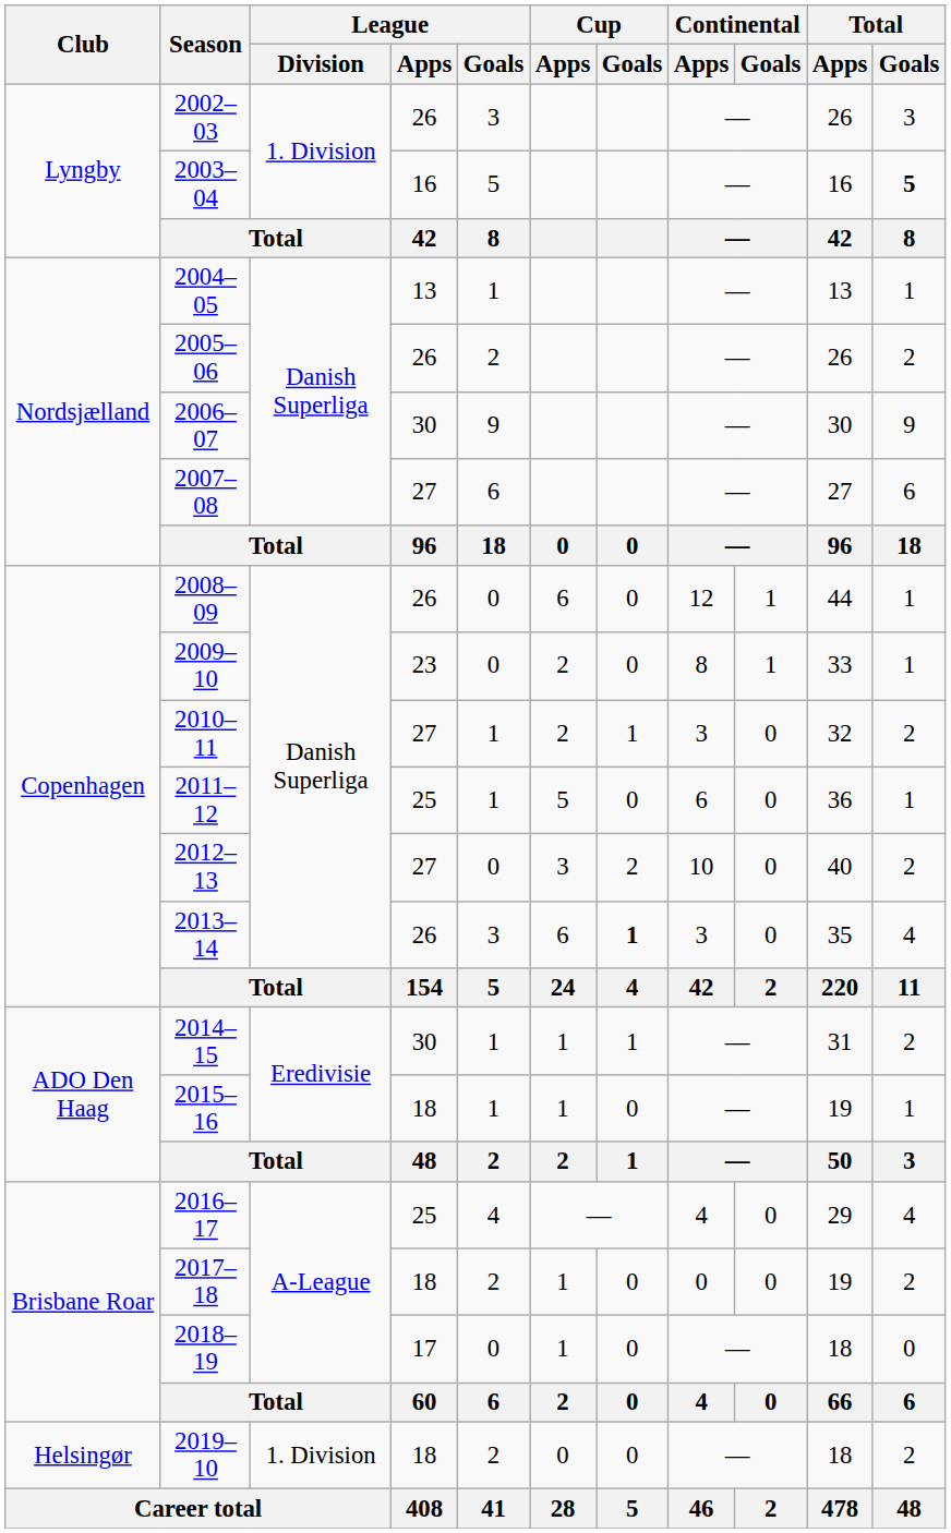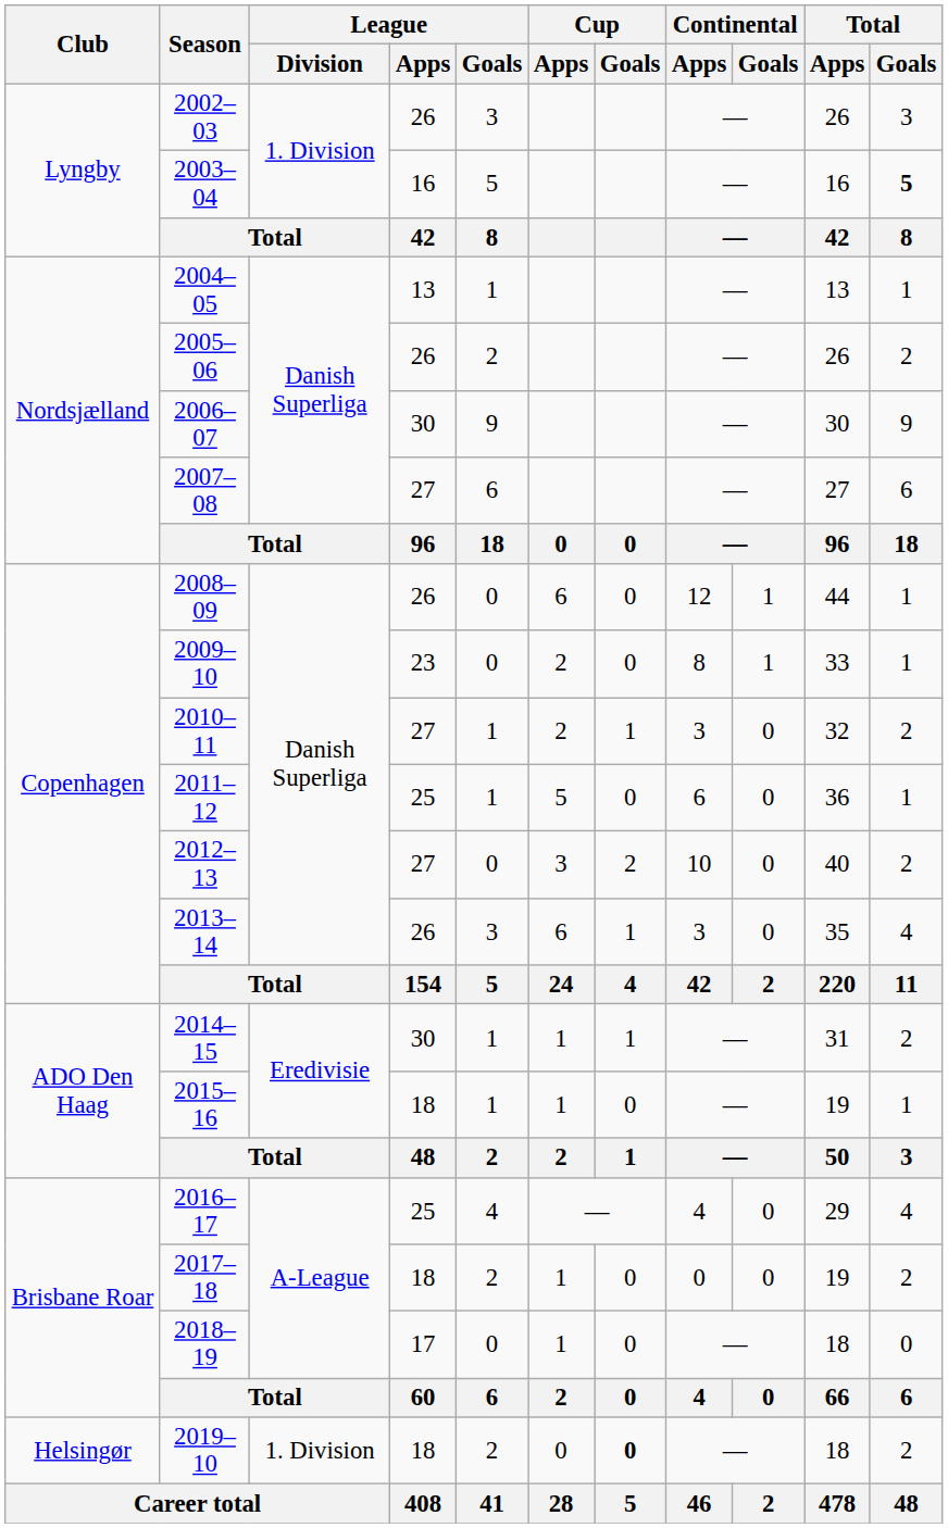 <table class="wikitable" style="text-align: center;">
 <tr>
 <th rowspan="2">Club</th>
 <th rowspan="2">Season</th>
 <th colspan="3">League</th>
 <th colspan="2">Cup</th>
 <th colspan="2">Continental</th>
 <th colspan="2">Total</th>
 </tr>
 <tr>
 <th>Division</th>
 <th>Apps</th>
 <th>Goals</th>
 <th>Apps</th>
 <th>Goals</th>
 <th>Apps</th>
 <th>Goals</th>
 <th>Apps</th>
 <th>Goals</th>
 </tr>
 <tr>
 <td rowspan="3"><a href='#'>Lyngby</a></td>
 <td><a href='#'>2002–03</a></td>
 <td rowspan="2"><a href='#'>1. Division</a></td>
 <td>26</td>
 <td>3</td>
 <td></td>
 <td></td>
 <td colspan="2">—</td>
 <td>26</td>
 <td>3</td>
 </tr>
 <tr>
 <td><a href='#'>2003–04</a></td>
 <td>16</td>
 <td>5</td>
 <td></td>
 <td></td>
 <td colspan="2">—</td>
 <td>16</td>
 <td><strong>5</strong></td>
 </tr>
 <tr>
 <th colspan="2">Total</th>
 <th>42</th>
 <th>8</th>
 <th></th>
 <th></th>
 <th colspan="2">—</th>
 <th>42</th>
 <th>8</th>
 </tr>
 <tr>
 <td rowspan="5"><a href='#'>Nordsjælland</a></td>
 <td><a href='#'>2004–05</a></td>
 <td rowspan="4"><a href='#'>Danish Superliga</a></td>
 <td>13</td>
 <td>1</td>
 <td></td>
 <td></td>
 <td colspan="2">—</td>
 <td>13</td>
 <td>1</td>
 </tr>
 <tr>
 <td><a href='#'>2005–06</a></td>
 <td>26</td>
 <td>2</td>
 <td></td>
 <td></td>
 <td colspan="2">—</td>
 <td>26</td>
 <td>2</td>
 </tr>
 <tr>
 <td><a href='#'>2006–07</a></td>
 <td>30</td>
 <td>9</td>
 <td></td>
 <td></td>
 <td colspan="2">—</td>
 <td>30</td>
 <td>9</td>
 </tr>
 <tr>
 <td><a href='#'>2007–08</a></td>
 <td>27</td>
 <td>6</td>
 <td></td>
 <td></td>
 <td colspan="2">—</td>
 <td>27</td>
 <td>6</td>
 </tr>
 <tr>
 <th colspan="2">Total</th>
 <th>96</th>
 <th>18</th>
 <th>0</th>
 <th>0</th>
 <th colspan="2">—</th>
 <th>96</th>
 <th>18</th>
 </tr>
 <tr>
 <td rowspan="7"><a href='#'>Copenhagen</a></td>
 <td><a href='#'>2008–09</a></td>
 <td rowspan="6">Danish Superliga</td>
 <td>26</td>
 <td>0</td>
 <td>6</td>
 <td>0</td>
 <td>12</td>
 <td>1</td>
 <td>44</td>
 <td>1</td>
 </tr>
 <tr>
 <td><a href='#'>2009–10</a></td>
 <td>23</td>
 <td>0</td>
 <td>2</td>
 <td>0</td>
 <td>8</td>
 <td>1</td>
 <td>33</td>
 <td>1</td>
 </tr>
 <tr>
 <td><a href='#'>2010–11</a></td>
 <td>27</td>
 <td>1</td>
 <td>2</td>
 <td>1</td>
 <td>3</td>
 <td>0</td>
 <td>32</td>
 <td>2</td>
 </tr>
 <tr>
 <td><a href='#'>2011–12</a></td>
 <td>25</td>
 <td>1</td>
 <td>5</td>
 <td>0</td>
 <td>6</td>
 <td>0</td>
 <td>36</td>
 <td>1</td>
 </tr>
 <tr>
 <td><a href='#'>2012–13</a></td>
 <td>27</td>
 <td>0</td>
 <td>3</td>
 <td>2</td>
 <td>10</td>
 <td>0</td>
 <td>40</td>
 <td>2</td>
 </tr>
 <tr>
 <td><a href='#'>2013–14</a></td>
 <td>26</td>
 <td>3</td>
 <td>6</td>
-<td><strong>1</strong></td>
+<td>1</td>
 <td>3</td>
 <td>0</td>
 <td>35</td>
 <td>4</td>
 </tr>
 <tr>
 <th colspan="2">Total</th>
 <th>154</th>
 <th>5</th>
 <th>24</th>
 <th>4</th>
 <th>42</th>
 <th>2</th>
 <th>220</th>
 <th>11</th>
 </tr>
 <tr>
 <td rowspan="3"><a href='#'>ADO Den Haag</a></td>
 <td><a href='#'>2014–15</a></td>
 <td rowspan="2"><a href='#'>Eredivisie</a></td>
 <td>30</td>
 <td>1</td>
 <td>1</td>
 <td>1</td>
 <td colspan="2">—</td>
 <td>31</td>
 <td>2</td>
 </tr>
 <tr>
 <td><a href='#'>2015–16</a></td>
 <td>18</td>
 <td>1</td>
 <td>1</td>
 <td>0</td>
 <td colspan="2">—</td>
 <td>19</td>
 <td>1</td>
 </tr>
 <tr>
 <th colspan="2">Total</th>
 <th>48</th>
 <th>2</th>
 <th>2</th>
 <th>1</th>
 <th colspan="2">—</th>
 <th>50</th>
 <th>3</th>
 </tr>
 <tr>
 <td rowspan="4"><a href='#'>Brisbane Roar</a></td>
 <td><a href='#'>2016–17</a></td>
 <td rowspan="3"><a href='#'>A-League</a></td>
 <td>25</td>
 <td>4</td>
 <td colspan="2">—</td>
 <td>4</td>
 <td>0</td>
 <td>29</td>
 <td>4</td>
 </tr>
 <tr>
 <td><a href='#'>2017–18</a></td>
 <td>18</td>
 <td>2</td>
 <td>1</td>
 <td>0</td>
 <td>0</td>
 <td>0</td>
 <td>19</td>
 <td>2</td>
 </tr>
 <tr>
 <td><a href='#'>2018–19</a></td>
 <td>17</td>
 <td>0</td>
 <td>1</td>
 <td>0</td>
 <td colspan="2">—</td>
 <td>18</td>
 <td>0</td>
 </tr>
 <tr>
 <th colspan="2">Total</th>
 <th>60</th>
 <th>6</th>
 <th>2</th>
 <th>0</th>
 <th>4</th>
 <th>0</th>
 <th>66</th>
 <th>6</th>
 </tr>
 <tr>
 <td><a href='#'>Helsingør</a></td>
 <td><a href='#'>2019–10</a></td>
 <td>1. Division</td>
 <td>18</td>
 <td>2</td>
 <td>0</td>
-<td>0</td>
+<td><strong>0</strong></td>
 <td colspan="2">—</td>
 <td>18</td>
 <td>2</td>
 </tr>
 <tr>
 <th colspan="3">Career total</th>
 <th>408</th>
 <th>41</th>
 <th>28</th>
 <th>5</th>
 <th>46</th>
 <th>2</th>
 <th>478</th>
 <th>48</th>
 </tr>
 </table>
